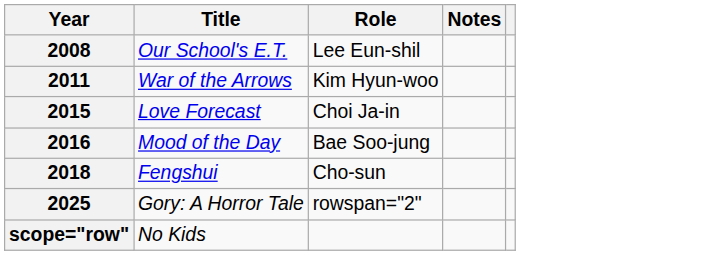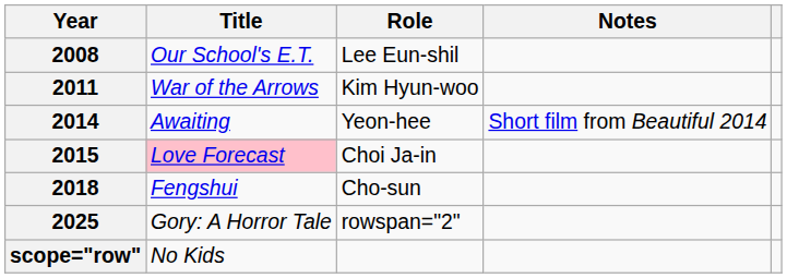 <table class="wikitable plainrowheaders sortable">
 <tr>
 <th scope="col">Year</th>
 <th scope="col">Title</th>
 <th scope="col">Role</th>
 <th scope="col" class="unsortable">Notes</th>
 <th scope="col" class="unsortable"></th>
 </tr>
 <tr>
 <th scope="row">2008</th>
 <td><em><a href='#'>Our School's E.T.</a></em></td>
 <td>Lee Eun-shil</td>
 <td></td>
 <td style="text-align:center"></td>
 </tr>
 <tr>
 <th scope="row">2011</th>
 <td><em><a href='#'>War of the Arrows</a></em></td>
 <td>Kim Hyun-woo</td>
 <td></td>
 <td style="text-align:center"></td>
 </tr>
 <tr>
-<th scope="row">2015</th>
-<td><em><a href='#'>Love Forecast</a></em></td>
-<td>Choi Ja-in</td>
-<td></td>
+<th scope="row">2014</th>
+<td><em><a href='#'>Awaiting</a></em></td>
+<td>Yeon-hee</td>
+<td><a href='#'>Short film</a> from <em>Beautiful 2014</em></td>
 <td style="text-align:center"></td>
 </tr>
 <tr>
-<th scope="row">2016</th>
-<td><em><a href='#'>Mood of the Day</a></em></td>
-<td>Bae Soo-jung</td>
+<th scope="row">2015</th>
+<td style="background: pink;"><em><a href='#'>Love Forecast</a></em></td>
+<td>Choi Ja-in</td>
 <td></td>
 <td style="text-align:center"></td>
 </tr>
 <tr>
 <th scope="row">2018</th>
 <td><em><a href='#'>Fengshui</a></em></td>
 <td>Cho-sun</td>
 <td></td>
 <td style="text-align:center"></td>
 </tr>
 <tr>
 <th scope="row">2025</th>
 <td><em>Gory: A Horror Tale</em></td>
 <td>rowspan="2" </td>
 <td></td>
 <td style="text-align:center"></td>
 </tr>
 <tr>
 <th>scope="row" </th>
 <td><em>No Kids</em></td>
 <td></td>
 <td style="text-align:center"></td>
 </tr>
 </table>
